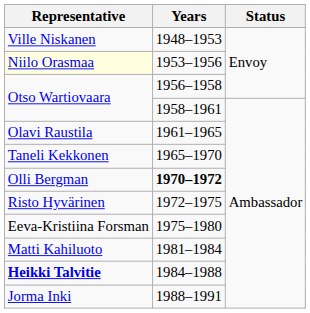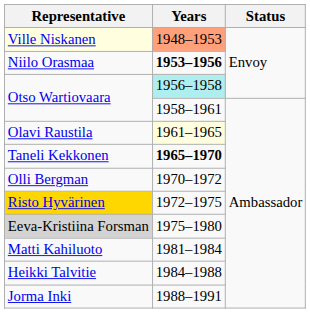 <table class="wikitable sortable">
 <tr>
 <th>Representative</th>
 <th>Years</th>
 <th>Status</th>
 </tr>
 <tr>
-<td><a href='#'>Ville Niskanen</a></td>
-<td>1948–1953</td>
+<td style="background: lightyellow;"><a href='#'>Ville Niskanen</a></td>
+<td style="background: lightsalmon;">1948–1953</td>
 <td rowspan="3">Envoy</td>
 </tr>
 <tr>
-<td style="background: lightyellow;"><a href='#'>Niilo Orasmaa</a></td>
-<td>1953–1956</td>
+<td><a href='#'>Niilo Orasmaa</a></td>
+<td><strong>1953–1956</strong></td>
 </tr>
 <tr>
 <td rowspan="2"><a href='#'>Otso Wartiovaara</a></td>
-<td>1956–1958</td>
+<td style="background: paleturquoise;">1956–1958</td>
 </tr>
 <tr>
 <td>1958–1961</td>
 <td rowspan="9">Ambassador</td>
 </tr>
 <tr>
 <td><a href='#'>Olavi Raustila</a></td>
-<td>1961–1965</td>
+<td style="background: lightyellow;">1961–1965</td>
 </tr>
 <tr>
 <td><a href='#'>Taneli Kekkonen</a></td>
-<td>1965–1970</td>
+<td><strong>1965–1970</strong></td>
 </tr>
 <tr>
 <td><a href='#'>Olli Bergman</a></td>
-<td><strong>1970–1972</strong></td>
+<td>1970–1972</td>
 </tr>
 <tr>
-<td><a href='#'>Risto Hyvärinen</a></td>
+<td style="background: gold;"><a href='#'>Risto Hyvärinen</a></td>
 <td>1972–1975</td>
 </tr>
 <tr>
-<td>Eeva-Kristiina Forsman</td>
+<td style="background: lightgrey;">Eeva-Kristiina Forsman</td>
 <td>1975–1980</td>
 </tr>
 <tr>
 <td><a href='#'>Matti Kahiluoto</a></td>
 <td>1981–1984</td>
 </tr>
 <tr>
-<td><strong><a href='#'>Heikki Talvitie</a></strong></td>
+<td><a href='#'>Heikki Talvitie</a></td>
 <td>1984–1988</td>
 </tr>
 <tr>
 <td><a href='#'>Jorma Inki</a></td>
 <td>1988–1991</td>
 </tr>
 </table>
